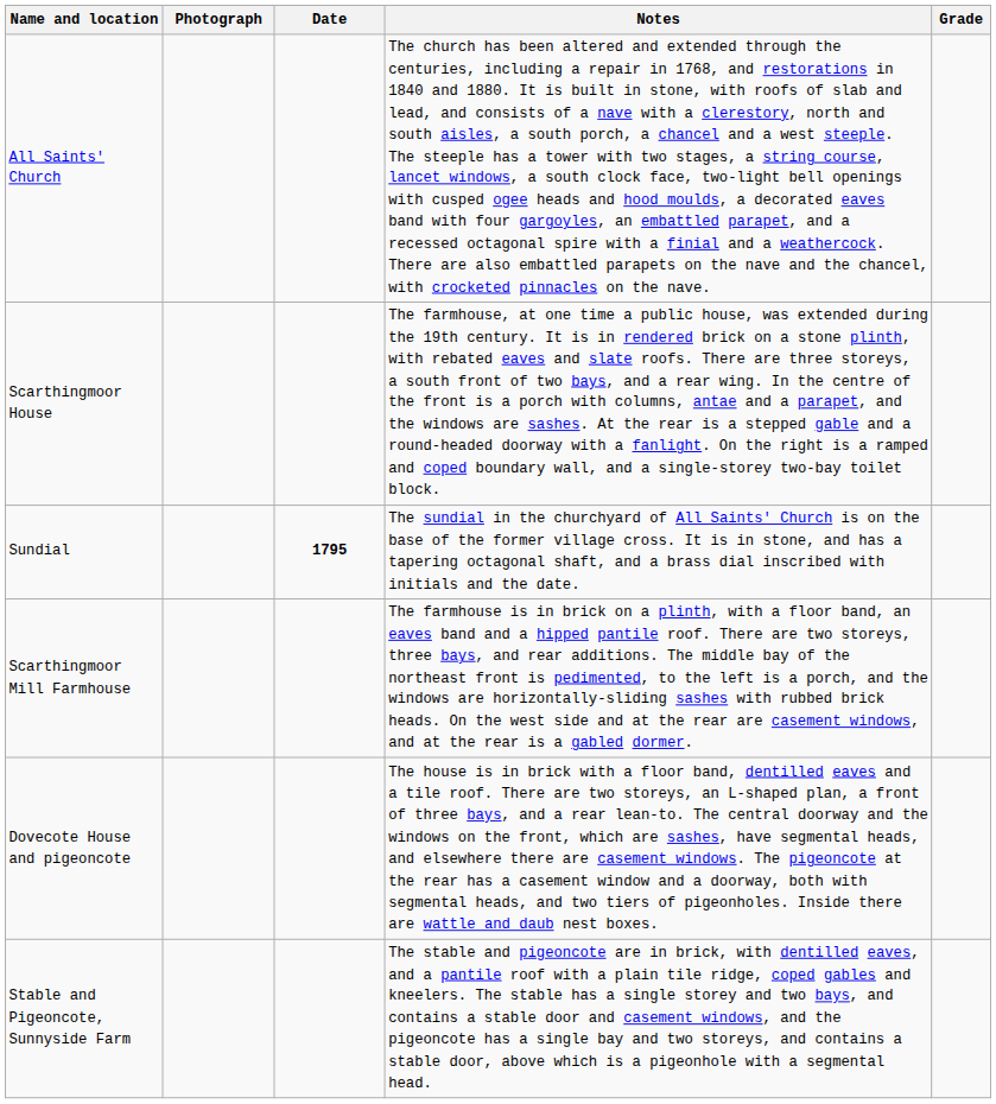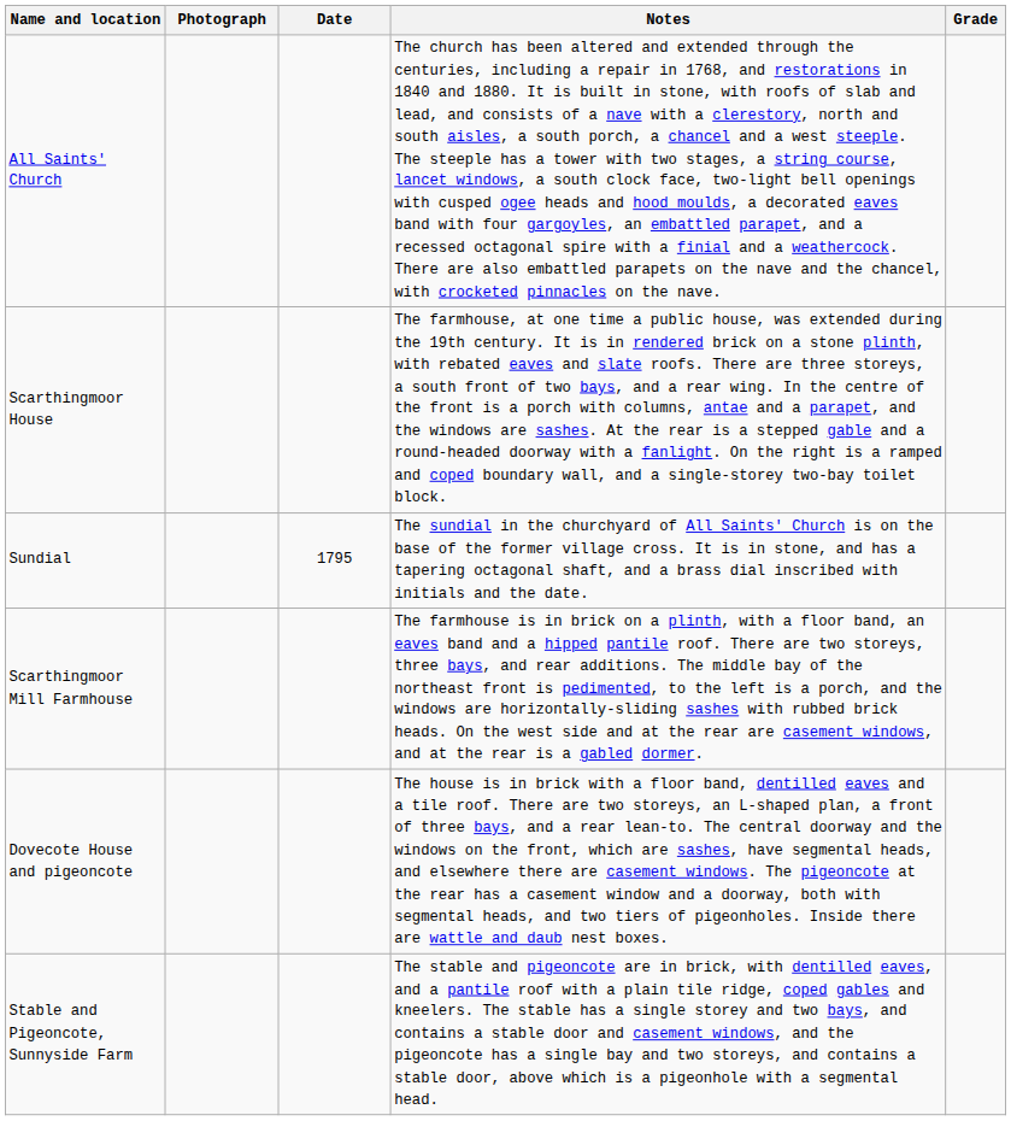 <table class="wikitable sortable plainrowheaders" style="width:100%; border:0px; text-align:left; line-height:150%">
 <tr>
 <th scope="col"  style="width:150px">Name and location</th>
 <th scope="col"  style="width:100px" class="unsortable">Photograph</th>
 <th scope="col"  style="width:120px">Date</th>
 <th scope="col"  style="width:650px" class="unsortable">Notes</th>
 <th scope="col"  style="width:50px">Grade</th>
 </tr>
 <tr>
 <td><a href='#'>All Saints' Church</a><br><small></small></td>
 <td></td>
 <td align="center"></td>
 <td>The church has been altered and extended through the centuries, including a repair in 1768, and <a href='#'>restorations</a> in 1840 and 1880.  It is built in stone, with roofs of slab and lead, and consists of a <a href='#'>nave</a> with a <a href='#'>clerestory</a>, north and south <a href='#'>aisles</a>, a south porch, a <a href='#'>chancel</a> and a west <a href='#'>steeple</a>.  The steeple has a tower with two stages, a <a href='#'>string course</a>, <a href='#'>lancet windows</a>, a south clock face, two-light bell openings with cusped <a href='#'>ogee</a> heads and <a href='#'>hood moulds</a>, a decorated <a href='#'>eaves</a> band with four <a href='#'>gargoyles</a>, an <a href='#'>embattled</a> <a href='#'>parapet</a>, and a recessed octagonal spire with a <a href='#'>finial</a> and a <a href='#'>weathercock</a>.  There are also embattled parapets on the nave and the chancel, with <a href='#'>crocketed</a> <a href='#'>pinnacles</a> on the nave.</td>
 <td align="center" ></td>
 </tr>
 <tr>
 <td>Scarthingmoor House<br><small></small></td>
 <td></td>
 <td align="center"></td>
 <td>The farmhouse, at one time a public house, was extended during the 19th century.  It is in <a href='#'>rendered</a> brick on a stone <a href='#'>plinth</a>, with rebated <a href='#'>eaves</a> and <a href='#'>slate</a> roofs.  There are three storeys, a south front of two <a href='#'>bays</a>, and a rear wing.  In the centre of the front is a porch with columns, <a href='#'>antae</a> and a <a href='#'>parapet</a>, and the windows are <a href='#'>sashes</a>.  At the rear is a stepped <a href='#'>gable</a> and a round-headed doorway with a <a href='#'>fanlight</a>.  On the right is a ramped and <a href='#'>coped</a> boundary wall, and a single-storey two-bay toilet block.</td>
 <td align="center" ></td>
 </tr>
 <tr>
 <td>Sundial<br><small></small></td>
 <td></td>
-<td align="center"><strong>1795</strong></td>
+<td align="center">1795</td>
 <td>The <a href='#'>sundial</a> in the churchyard of <a href='#'>All Saints' Church</a> is on the base of the former village cross.  It is in stone, and has a tapering octagonal shaft, and a brass dial inscribed with initials and the date.</td>
 <td align="center" ></td>
 </tr>
 <tr>
 <td>Scarthingmoor Mill Farmhouse<br><small></small></td>
 <td></td>
 <td align="center"></td>
 <td>The farmhouse is in brick on a <a href='#'>plinth</a>, with a floor band, an <a href='#'>eaves</a> band and a <a href='#'>hipped</a> <a href='#'>pantile</a> roof.  There are two storeys, three <a href='#'>bays</a>, and rear additions.  The middle bay of the northeast front is <a href='#'>pedimented</a>, to the left is a porch, and the windows are horizontally-sliding <a href='#'>sashes</a> with rubbed brick heads.  On the west side and at the rear are <a href='#'>casement windows</a>, and at the rear is a <a href='#'>gabled</a> <a href='#'>dormer</a>.</td>
 <td align="center" ></td>
 </tr>
 <tr>
 <td>Dovecote House and pigeoncote<br><small></small></td>
 <td></td>
 <td align="center"></td>
 <td>The house is in brick with a floor band, <a href='#'>dentilled</a> <a href='#'>eaves</a> and a tile roof.  There are two storeys, an L-shaped plan, a front of three <a href='#'>bays</a>, and a rear lean-to.  The central doorway and the windows on the front, which are <a href='#'>sashes</a>, have segmental heads, and elsewhere there are <a href='#'>casement windows</a>.  The <a href='#'>pigeoncote</a> at the rear has a casement window and a doorway, both with segmental heads, and two tiers of pigeonholes.  Inside there are <a href='#'>wattle and daub</a> nest boxes.</td>
 <td align="center" ></td>
 </tr>
 <tr>
 <td>Stable and Pigeoncote,<br>Sunnyside Farm<br><small></small></td>
 <td></td>
 <td align="center"></td>
 <td>The stable and <a href='#'>pigeoncote</a> are in brick, with <a href='#'>dentilled</a> <a href='#'>eaves</a>, and a <a href='#'>pantile</a> roof with a plain tile ridge, <a href='#'>coped</a> <a href='#'>gables</a> and kneelers.  The stable has a single storey and two <a href='#'>bays</a>, and contains a stable door and <a href='#'>casement windows</a>, and the pigeoncote has a single bay and two storeys, and contains a stable door, above which is a pigeonhole with a segmental head.</td>
 <td align="center" ></td>
 </tr>
 <tr>
 </tr>
 </table>
